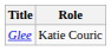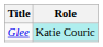 <table class="wikitable">
 <tr>
 <th>Title</th>
 <th>Role</th>
 </tr>
 <tr>
 <td><em><a href='#'>Glee</a></em></td>
-<td>Katie Couric</td>
+<td style="background: paleturquoise;">Katie Couric</td>
 </tr>
 </table>
